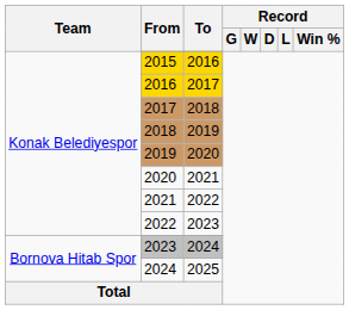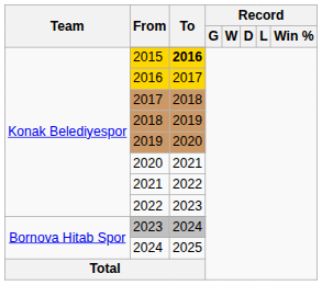 <table class="wikitable" style="text-align: center">
 <tr>
 <th rowspan="2">Team</th>
 <th rowspan="2">From</th>
 <th rowspan="2">To</th>
 <th colspan="5">Record</th>
 </tr>
 <tr>
 <th>G</th>
 <th>W</th>
 <th>D</th>
 <th>L</th>
 <th>Win %</th>
 </tr>
 <tr>
 <td rowspan=9 align=left><a href='#'>Konak Belediyespor</a></td>
 </tr>
 <tr bgcolor=gold>
 <td align=left>2015</td>
-<td align=left>2016<br></td>
+<td align=left><strong>2016<br></strong></td>
 </tr>
 <tr bgcolor=gold>
 <td align=left>2016</td>
 <td align=left>2017<br></td>
 </tr>
 <tr bgcolor=cc9966>
 <td align=left>2017</td>
 <td align=left>2018<br></td>
 </tr>
 <tr bgcolor=cc9966>
 <td align=left>2018</td>
 <td align=left>2019<br></td>
 </tr>
 <tr bgcolor=cc9966>
 <td align=left>2019</td>
 <td align=left>2020<br></td>
 </tr>
 <tr>
 <td align=left>2020</td>
 <td align=left>2021<br></td>
 </tr>
 <tr>
 <td align=left>2021</td>
 <td align=left>2022<br></td>
 </tr>
 <tr>
 <td align=left>2022</td>
 <td align=left>2023<br></td>
 </tr>
 <tr>
 <td rowspan=3><a href='#'>Bornova Hitab Spor</a></td>
 </tr>
 <tr bgcolor=silver>
 <td align=left>2023</td>
 <td align=left>2024<br></td>
 </tr>
 <tr>
 <td align=left>2024</td>
 <td align=left>2025<br></td>
 </tr>
 <tr>
 <th colspan="3">Total<br></th>
 </tr>
 </table>
